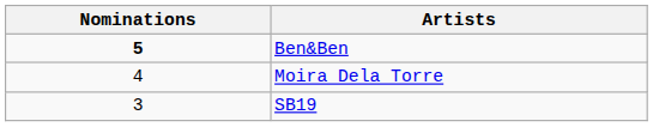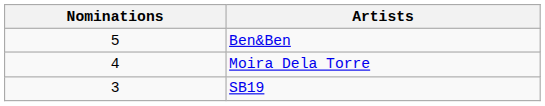 <table class="wikitable"  style="width:30%;">
 <tr>
 <th scope="col">Nominations</th>
 <th scope="col">Artists</th>
 </tr>
 <tr>
-<td align="center"><strong>5</strong></td>
+<td align="center">5</td>
 <td><a href='#'>Ben&Ben</a></td>
 </tr>
 <tr>
 <td align="center">4</td>
 <td><a href='#'>Moira Dela Torre</a></td>
 </tr>
 <tr>
 <td align="center">3</td>
 <td><a href='#'>SB19</a></td>
 </tr>
 </table>
